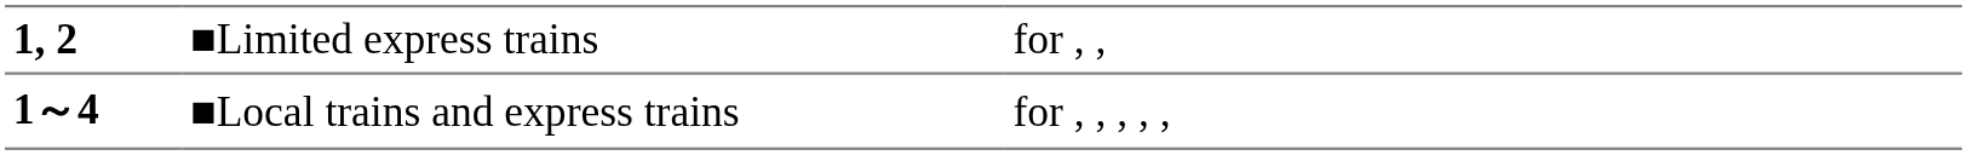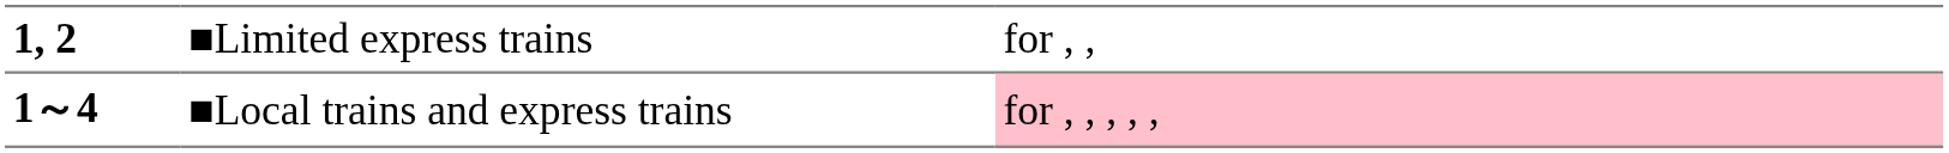 <table border=0 cellspacing=0 cellpadding=3>
 <tr>
 <td style="border-top:solid 1px gray; border-bottom:solid 1px gray;" width=60><strong>1, 2</strong></td>
 <td style="border-top:solid 1px gray; border-bottom:solid 1px gray;" width=300><span>■</span>Limited express trains</td>
 <td style="border-top:solid 1px gray; border-bottom:solid 1px gray;" width=350>for , , </td>
 </tr>
 <tr>
 <td style="border-bottom:solid 1px gray;"><strong>1～4</strong></td>
 <td style="border-bottom:solid 1px gray;"><span>■</span>Local trains and express trains</td>
-<td style="border-bottom:solid 1px gray;" width=350>for , , , , , </td>
+<td style="background: pink; border-bottom:solid 1px gray;" width=350>for , , , , , </td>
 </tr>
 </table>
